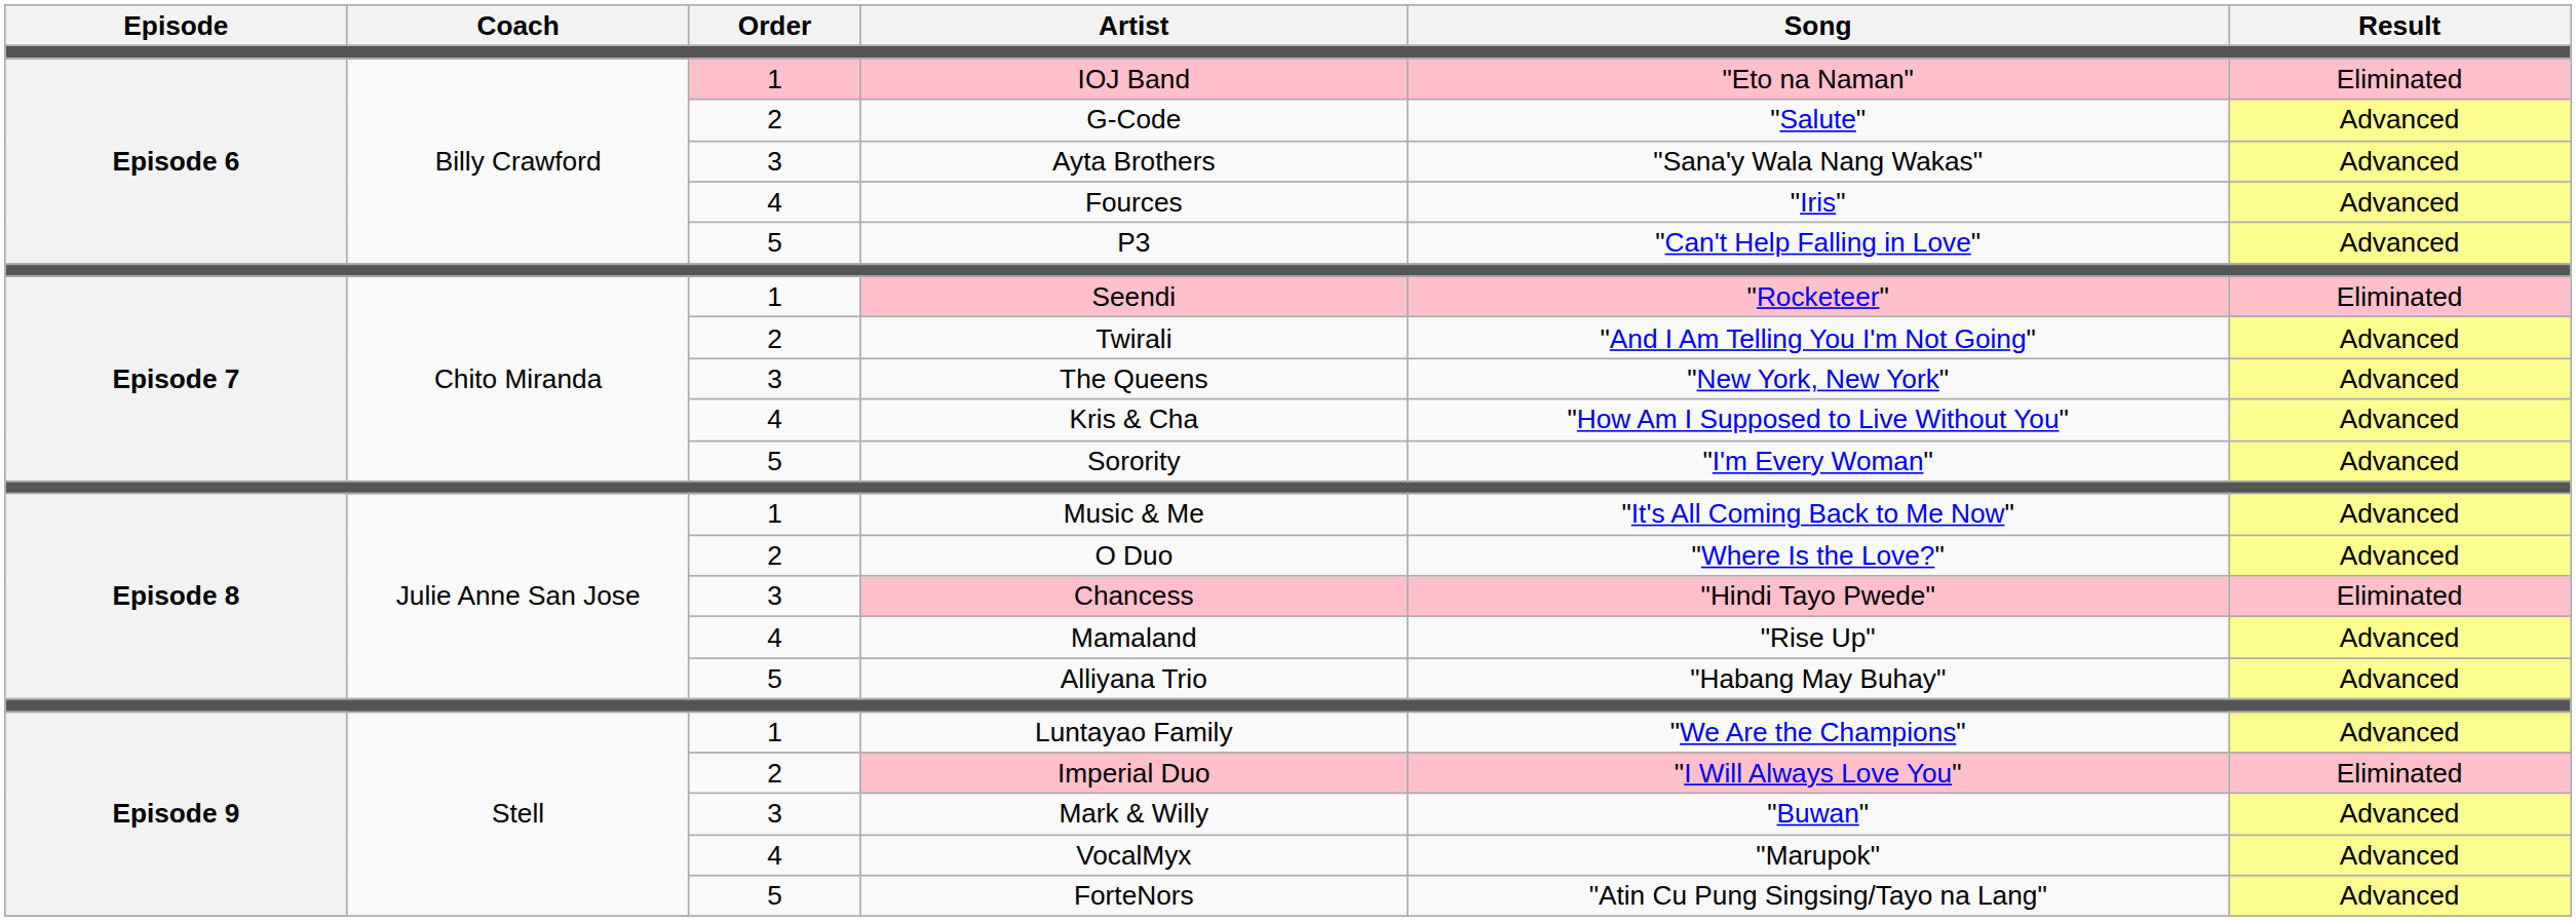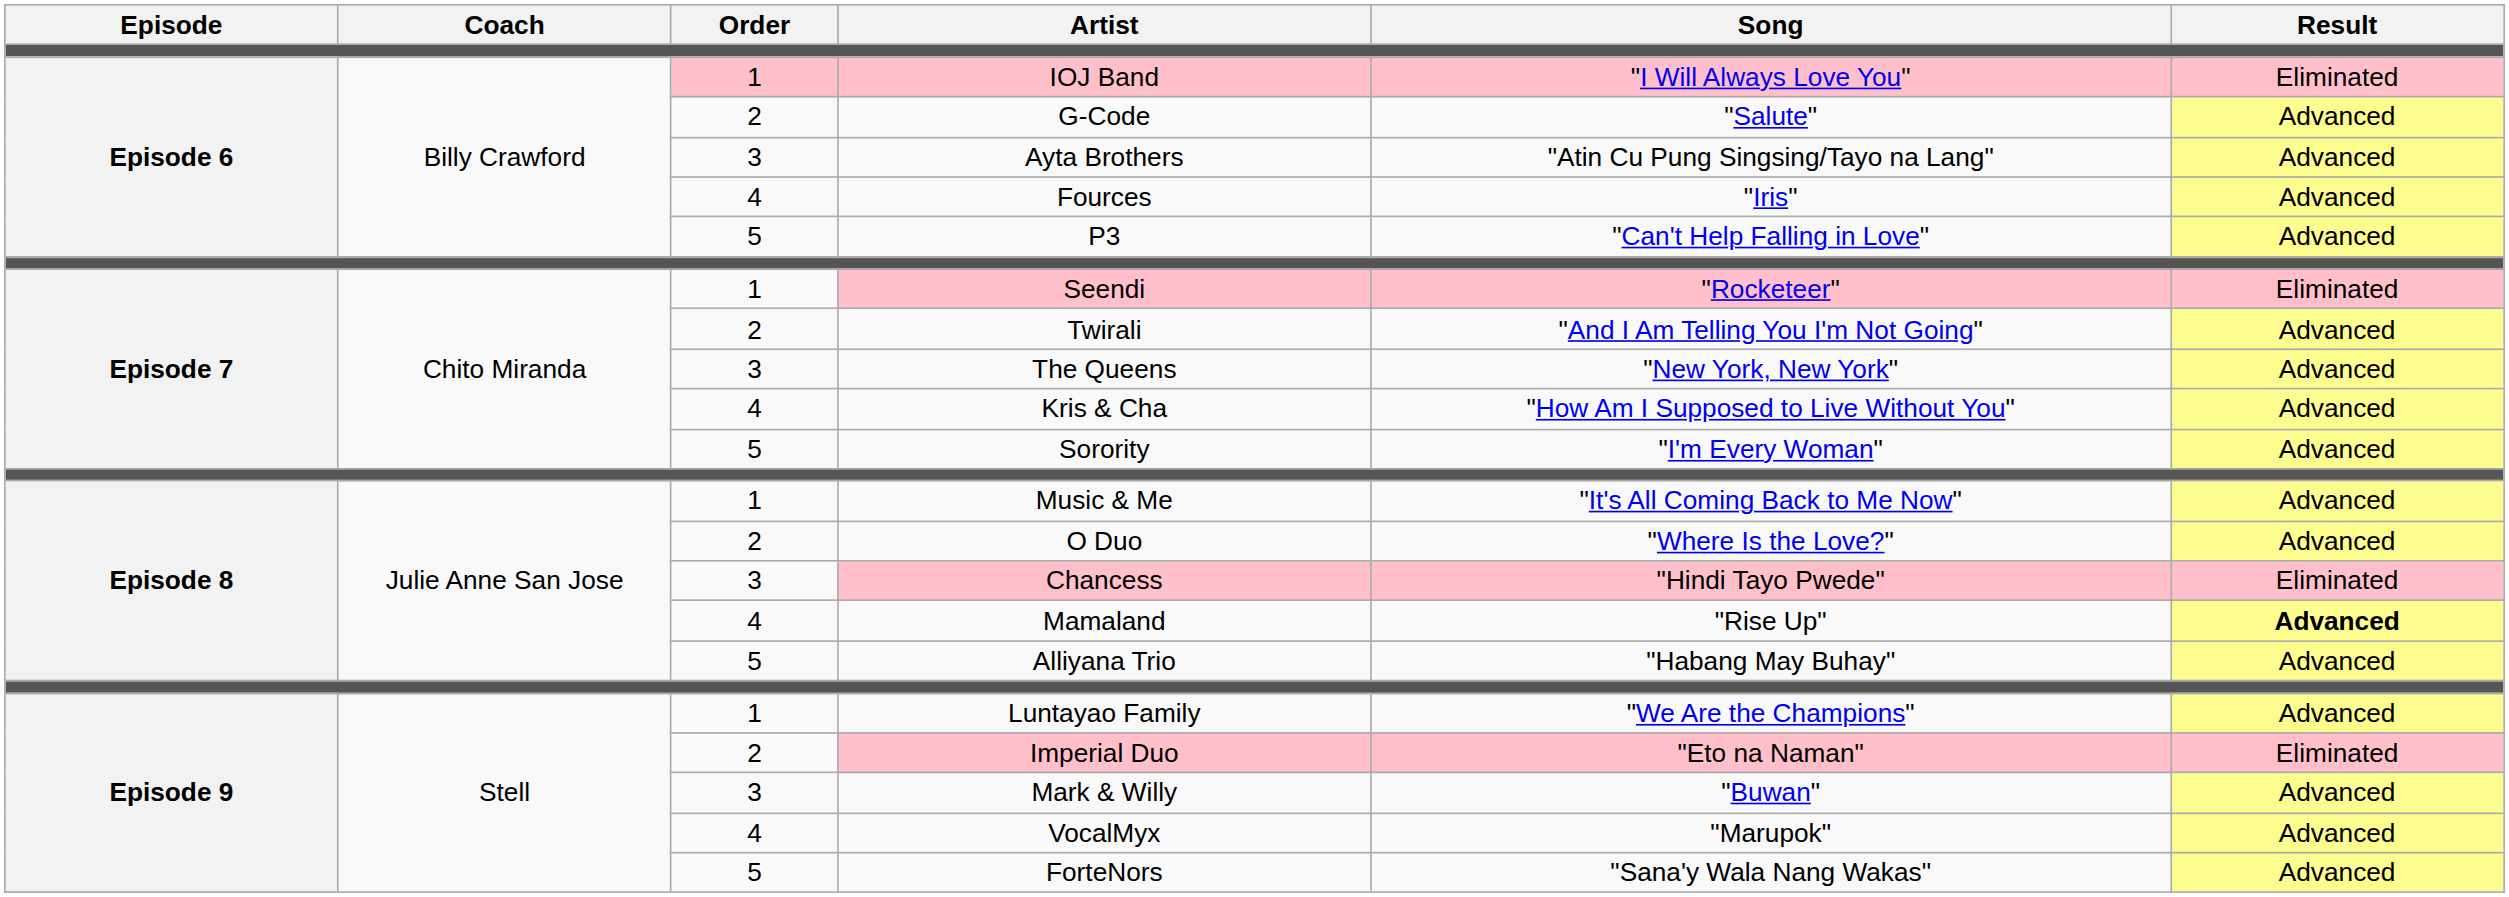 <table class="wikitable" style="text-align:center; line-height:17px">
 <tr>
 <th width="10%">Episode</th>
 <th width="10%">Coach</th>
 <th width="5%">Order</th>
 <th width="16%">Artist</th>
 <th width="24%">Song</th>
 <th width="10%">Result</th>
 </tr>
 <tr>
 <th colspan=6 style="background:#555;"></th>
 </tr>
 <tr>
 <th rowspan=5>Episode 6<br></th>
 <td rowspan=5>Billy Crawford</td>
 <td style="background: pink;">1</td>
 <td style="background:pink;">IOJ Band</td>
-<td style="background:pink;">"Eto na Naman"</td>
+<td style="background:pink;">"<a href='#'>I Will Always Love You</a>"</td>
 <td style="background:pink;">Eliminated</td>
 </tr>
 <tr>
 <td>2</td>
 <td>G-Code</td>
 <td>"<a href='#'>Salute</a>"</td>
 <td style="background:#fdfc8f;">Advanced</td>
 </tr>
 <tr>
 <td>3</td>
 <td>Ayta Brothers</td>
-<td>"Sana'y Wala Nang Wakas"</td>
+<td>"Atin Cu Pung Singsing/Tayo na Lang"</td>
 <td style="background:#fdfc8f;">Advanced</td>
 </tr>
 <tr>
 <td>4</td>
 <td>Fources</td>
 <td>"<a href='#'>Iris</a>"</td>
 <td style="background:#fdfc8f;">Advanced</td>
 </tr>
 <tr>
 <td>5</td>
 <td>P3</td>
 <td>"<a href='#'>Can't Help Falling in Love</a>"</td>
 <td style="background:#fdfc8f;">Advanced</td>
 </tr>
 <tr>
 <th colspan=6 style="background:#555;"></th>
 </tr>
 <tr>
 <th rowspan=5>Episode 7<br></th>
 <td rowspan=5>Chito Miranda</td>
 <td>1</td>
 <td style="background:pink;">Seendi</td>
 <td style="background:pink;">"<a href='#'>Rocketeer</a>"</td>
 <td style="background:pink;">Eliminated</td>
 </tr>
 <tr>
 <td>2</td>
 <td>Twirali</td>
 <td>"<a href='#'>And I Am Telling You I'm Not Going</a>"</td>
 <td style="background:#fdfc8f;">Advanced</td>
 </tr>
 <tr>
 <td>3</td>
 <td>The Queens</td>
 <td>"<a href='#'>New York, New York</a>"</td>
 <td style="background:#fdfc8f;">Advanced</td>
 </tr>
 <tr>
 <td>4</td>
 <td>Kris & Cha</td>
 <td>"<a href='#'>How Am I Supposed to Live Without You</a>"</td>
 <td style="background:#fdfc8f;">Advanced</td>
 </tr>
 <tr>
 <td>5</td>
 <td>Sorority</td>
 <td>"<a href='#'>I'm Every Woman</a>"</td>
 <td style="background:#fdfc8f;">Advanced</td>
 </tr>
 <tr>
 <th colspan=6 style="background:#555;"></th>
 </tr>
 <tr>
 <th rowspan=5>Episode 8<br></th>
 <td rowspan=5>Julie Anne San Jose</td>
 <td>1</td>
 <td>Music & Me</td>
 <td>"<a href='#'>It's All Coming Back to Me Now</a>"</td>
 <td style="background:#fdfc8f;">Advanced</td>
 </tr>
 <tr>
 <td>2</td>
 <td>O Duo</td>
 <td>"<a href='#'>Where Is the Love?</a>"</td>
 <td style="background:#fdfc8f;">Advanced</td>
 </tr>
 <tr>
 <td>3</td>
 <td style="background:pink;">Chancess</td>
 <td style="background:pink;">"Hindi Tayo Pwede"</td>
 <td style="background:pink;">Eliminated</td>
 </tr>
 <tr>
 <td>4</td>
 <td>Mamaland</td>
 <td>"Rise Up"</td>
-<td style="background:#fdfc8f;">Advanced</td>
+<td style="background:#fdfc8f;"><strong>Advanced</strong></td>
 </tr>
 <tr>
 <td>5</td>
 <td>Alliyana Trio</td>
 <td>"Habang May Buhay"</td>
 <td style="background:#fdfc8f;">Advanced</td>
 </tr>
 <tr>
 <th colspan=6 style="background:#555;"></th>
 </tr>
 <tr>
 <th rowspan=5>Episode 9<br></th>
 <td rowspan=5>Stell</td>
 <td>1</td>
 <td>Luntayao Family</td>
 <td>"<a href='#'>We Are the Champions</a>"</td>
 <td style="background:#fdfc8f;">Advanced</td>
 </tr>
 <tr>
 <td>2</td>
 <td style="background:pink;">Imperial Duo</td>
-<td style="background:pink;">"<a href='#'>I Will Always Love You</a>"</td>
+<td style="background:pink;">"Eto na Naman"</td>
 <td style="background:pink;">Eliminated</td>
 </tr>
 <tr>
 <td>3</td>
 <td>Mark & Willy</td>
 <td>"<a href='#'>Buwan</a>"</td>
 <td style="background:#fdfc8f;">Advanced</td>
 </tr>
 <tr>
 <td>4</td>
 <td>VocalMyx</td>
 <td>"Marupok"</td>
 <td style="background:#fdfc8f;">Advanced</td>
 </tr>
 <tr>
 <td>5</td>
 <td>ForteNors</td>
-<td>"Atin Cu Pung Singsing/Tayo na Lang"</td>
+<td>"Sana'y Wala Nang Wakas"</td>
 <td style="background:#fdfc8f;">Advanced</td>
 </tr>
 </table>
